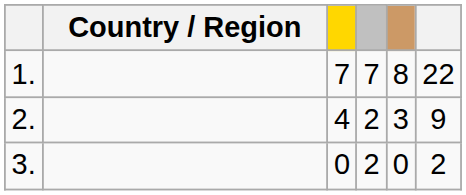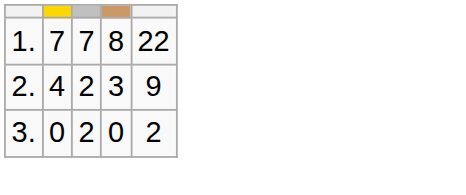 <table class="wikitable" style="text-align: center; white-space: nowrap">
 <tr>
 <th></th>
-<th style="width:150px">Country / Region</th>
 <th style="background:gold"></th>
 <th style="background:silver"></th>
 <th style="background:#C96"></th>
 <th style="width:16px"></th>
 </tr>
 <tr>
 <td>1.</td>
-<td style="text-align: left"></td>
 <td>7</td>
 <td>7</td>
 <td>8</td>
 <td>22</td>
 </tr>
 <tr>
 <td>2.</td>
-<td style="text-align: left"></td>
 <td>4</td>
 <td>2</td>
 <td>3</td>
 <td>9</td>
 </tr>
 <tr>
 <td>3.</td>
-<td style="text-align: left"></td>
 <td>0</td>
 <td>2</td>
 <td>0</td>
 <td>2</td>
 </tr>
 </table>
